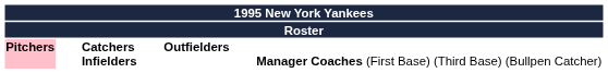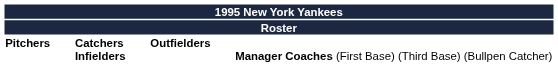 <table class="toccolours" style="font-size: 95%;">
 <tr>
 <th colspan="10" style="background-color: #1c2841; color: white; text-align: center;">1995 New York Yankees</th>
 </tr>
 <tr>
 <td colspan="10" style="background-color:#1c2841; color: white; text-align: center;"><strong>Roster</strong></td>
 </tr>
 <tr>
-<td valign="top" style="background: pink;"><strong>Pitchers</strong><br>                   </td>
+<td valign="top"><strong>Pitchers</strong><br>                   </td>
 <td width="25px"></td>
 <td valign="top"><strong>Catchers</strong><br>   <strong>Infielders</strong>          </td>
 <td width="25px"></td>
 <td valign="top"><strong>Outfielders</strong><br>       </td>
 <td width="25px"></td>
 <td valign="top"><br><strong>Manager</strong>  <strong>Coaches</strong>   (First Base)     (Third Base)  (Bullpen Catcher)</td>
 </tr>
 </table>
